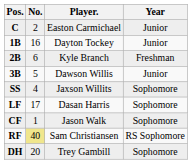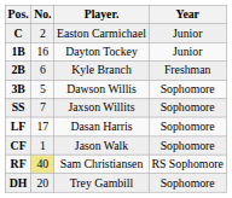 <table class="wikitable non-sortable">
 <tr>
 <th style="text-align:center; ">Pos.</th>
 <th style="text-align:center; ">No.</th>
 <th style="text-align:center; ">Player.</th>
 <th style="text-align:center; ">Year</th>
 </tr>
 <tr style="background:#eeeeee;text-align:center;">
 <td><strong>C</strong></td>
 <td>2</td>
 <td>Easton Carmichael</td>
 <td>Junior</td>
 </tr>
 <tr style="text-align:center;">
 <td><strong>1B</strong></td>
 <td>16</td>
 <td>Dayton Tockey</td>
 <td>Junior</td>
 </tr>
 <tr style="background:#eeeeee;text-align:center;">
 <td><strong>2B</strong></td>
 <td>6</td>
 <td>Kyle Branch</td>
 <td>Freshman</td>
 </tr>
 <tr style="text-align:center;">
 <td><strong>3B</strong></td>
 <td>5</td>
 <td>Dawson Willis</td>
-<td>Junior</td>
+<td>Sophomore</td>
 </tr>
 <tr style="background:#eeeeee;text-align:center;">
 <td><strong>SS</strong></td>
-<td>4</td>
+<td>7</td>
 <td>Jaxson Willits</td>
 <td>Sophomore</td>
 </tr>
 <tr style="text-align:center;">
 <td><strong>LF</strong></td>
 <td>17</td>
 <td>Dasan Harris</td>
 <td>Sophomore</td>
 </tr>
 <tr style="background:#eeeeee;text-align:center;">
 <td><strong>CF</strong></td>
 <td>1</td>
 <td>Jason Walk</td>
 <td>Sophomore</td>
 </tr>
 <tr style="text-align:center;">
 <td><strong>RF</strong></td>
 <td style="background: khaki;">40</td>
 <td>Sam Christiansen</td>
 <td>RS Sophomore</td>
 </tr>
 <tr style="background:#eeeeee;text-align:center;">
 <td><strong>DH</strong></td>
 <td>20</td>
 <td>Trey Gambill</td>
 <td>Sophomore</td>
 </tr>
 </table>
